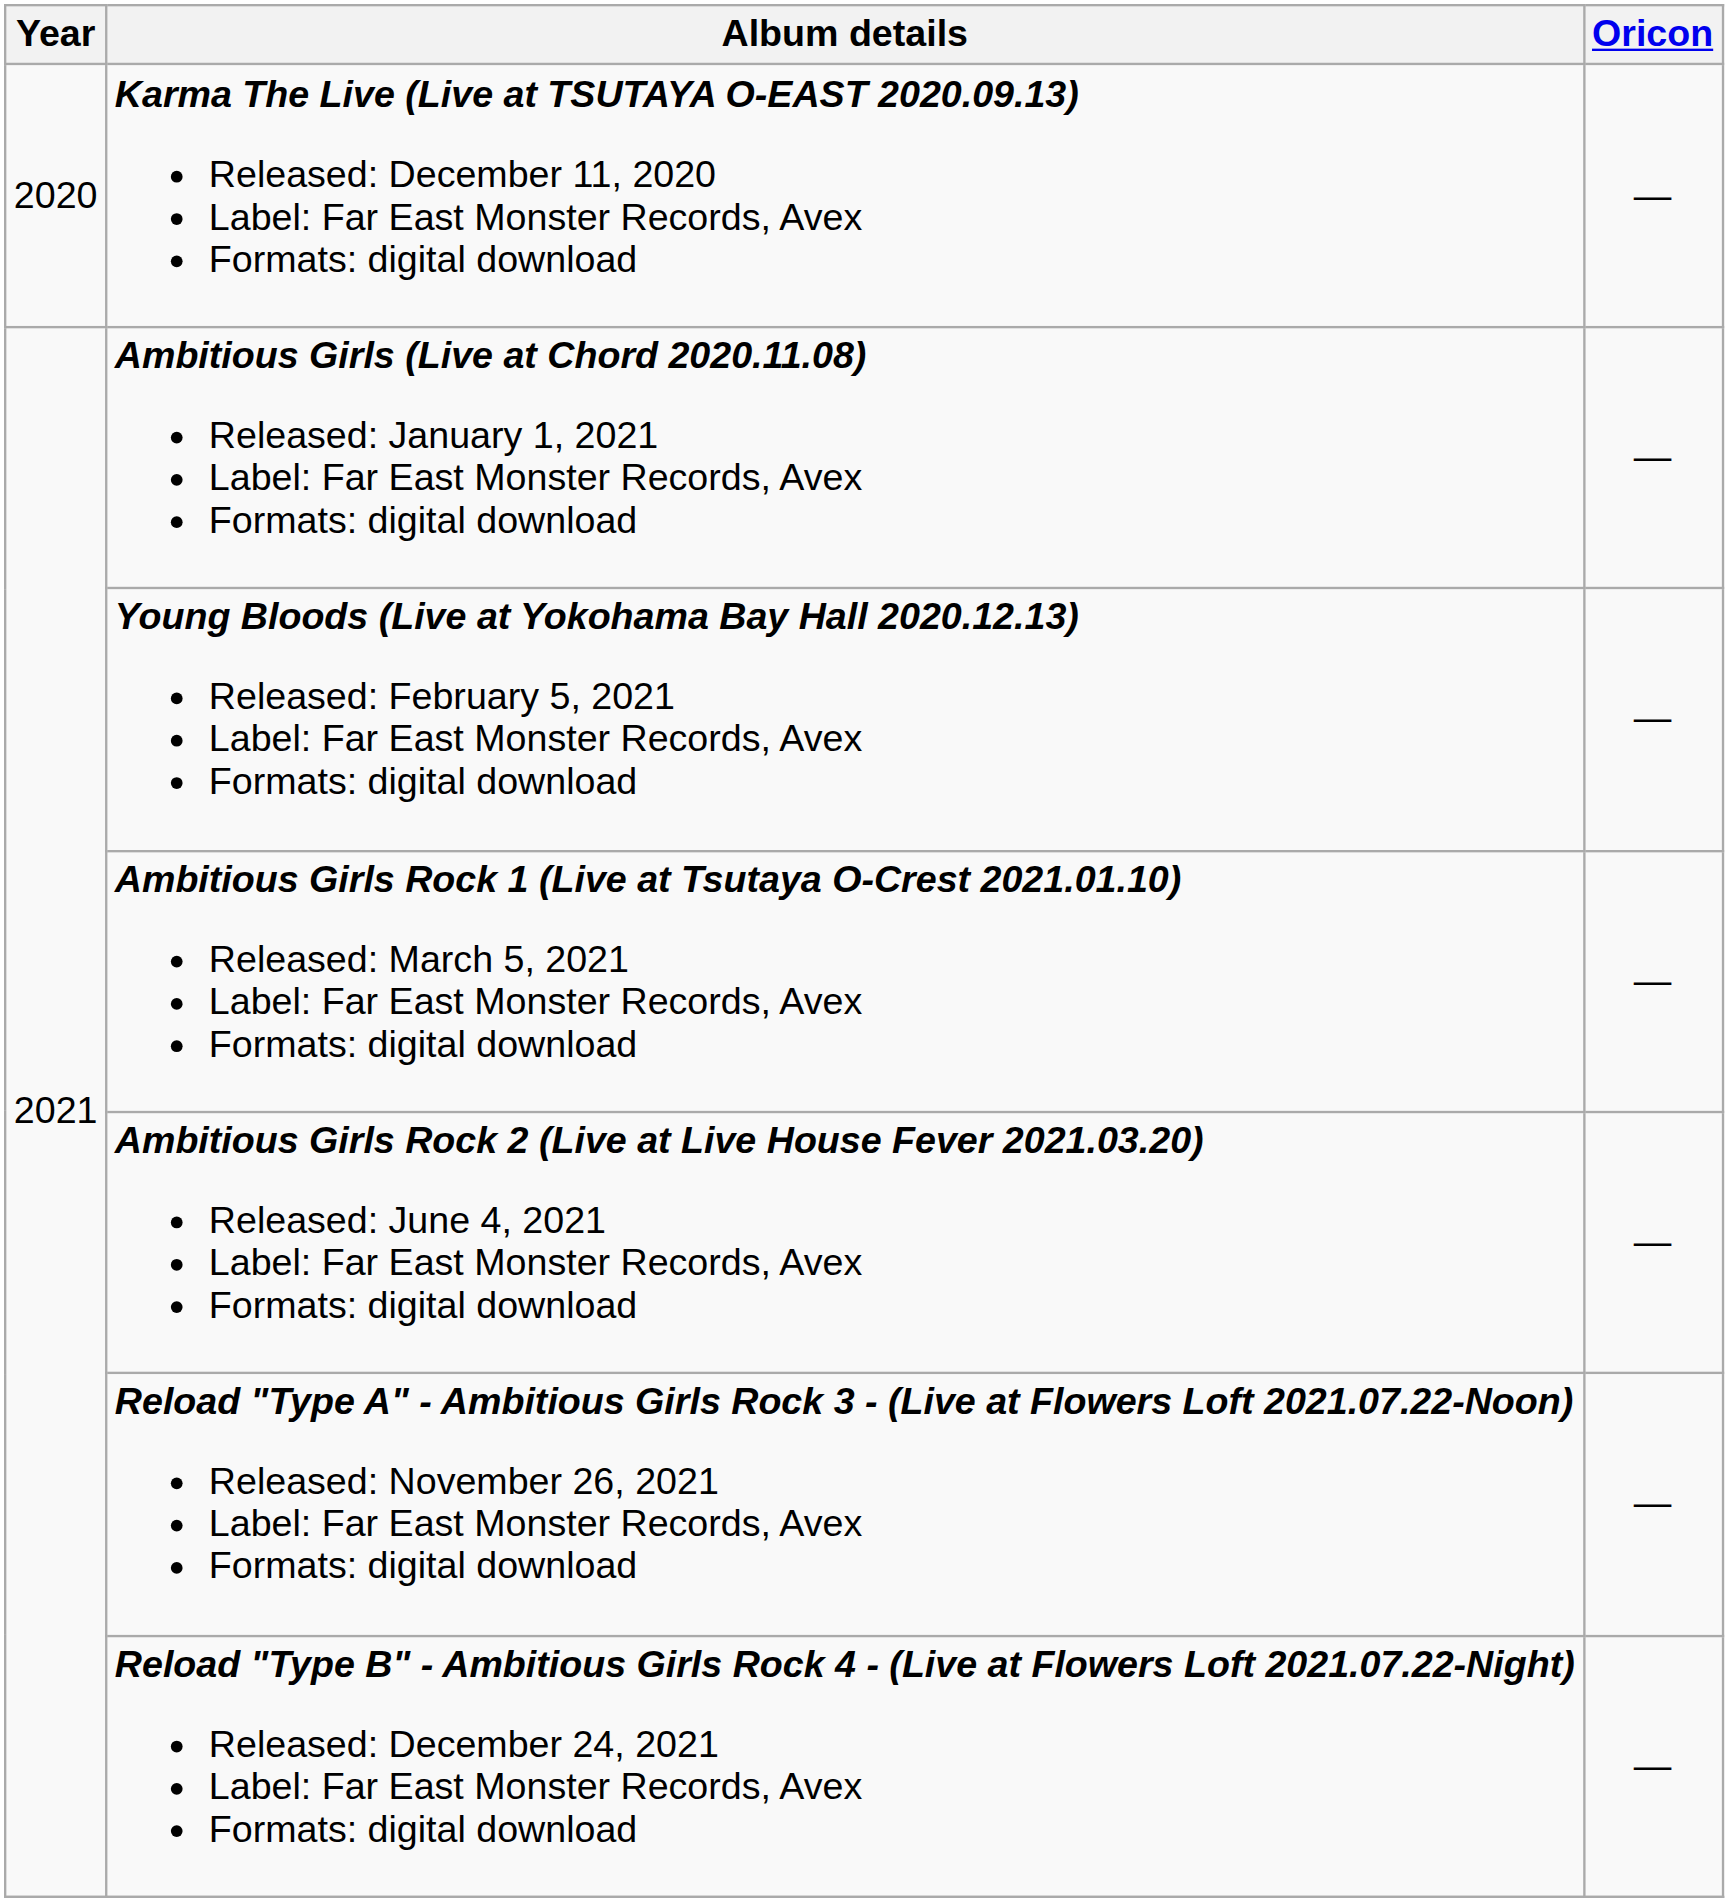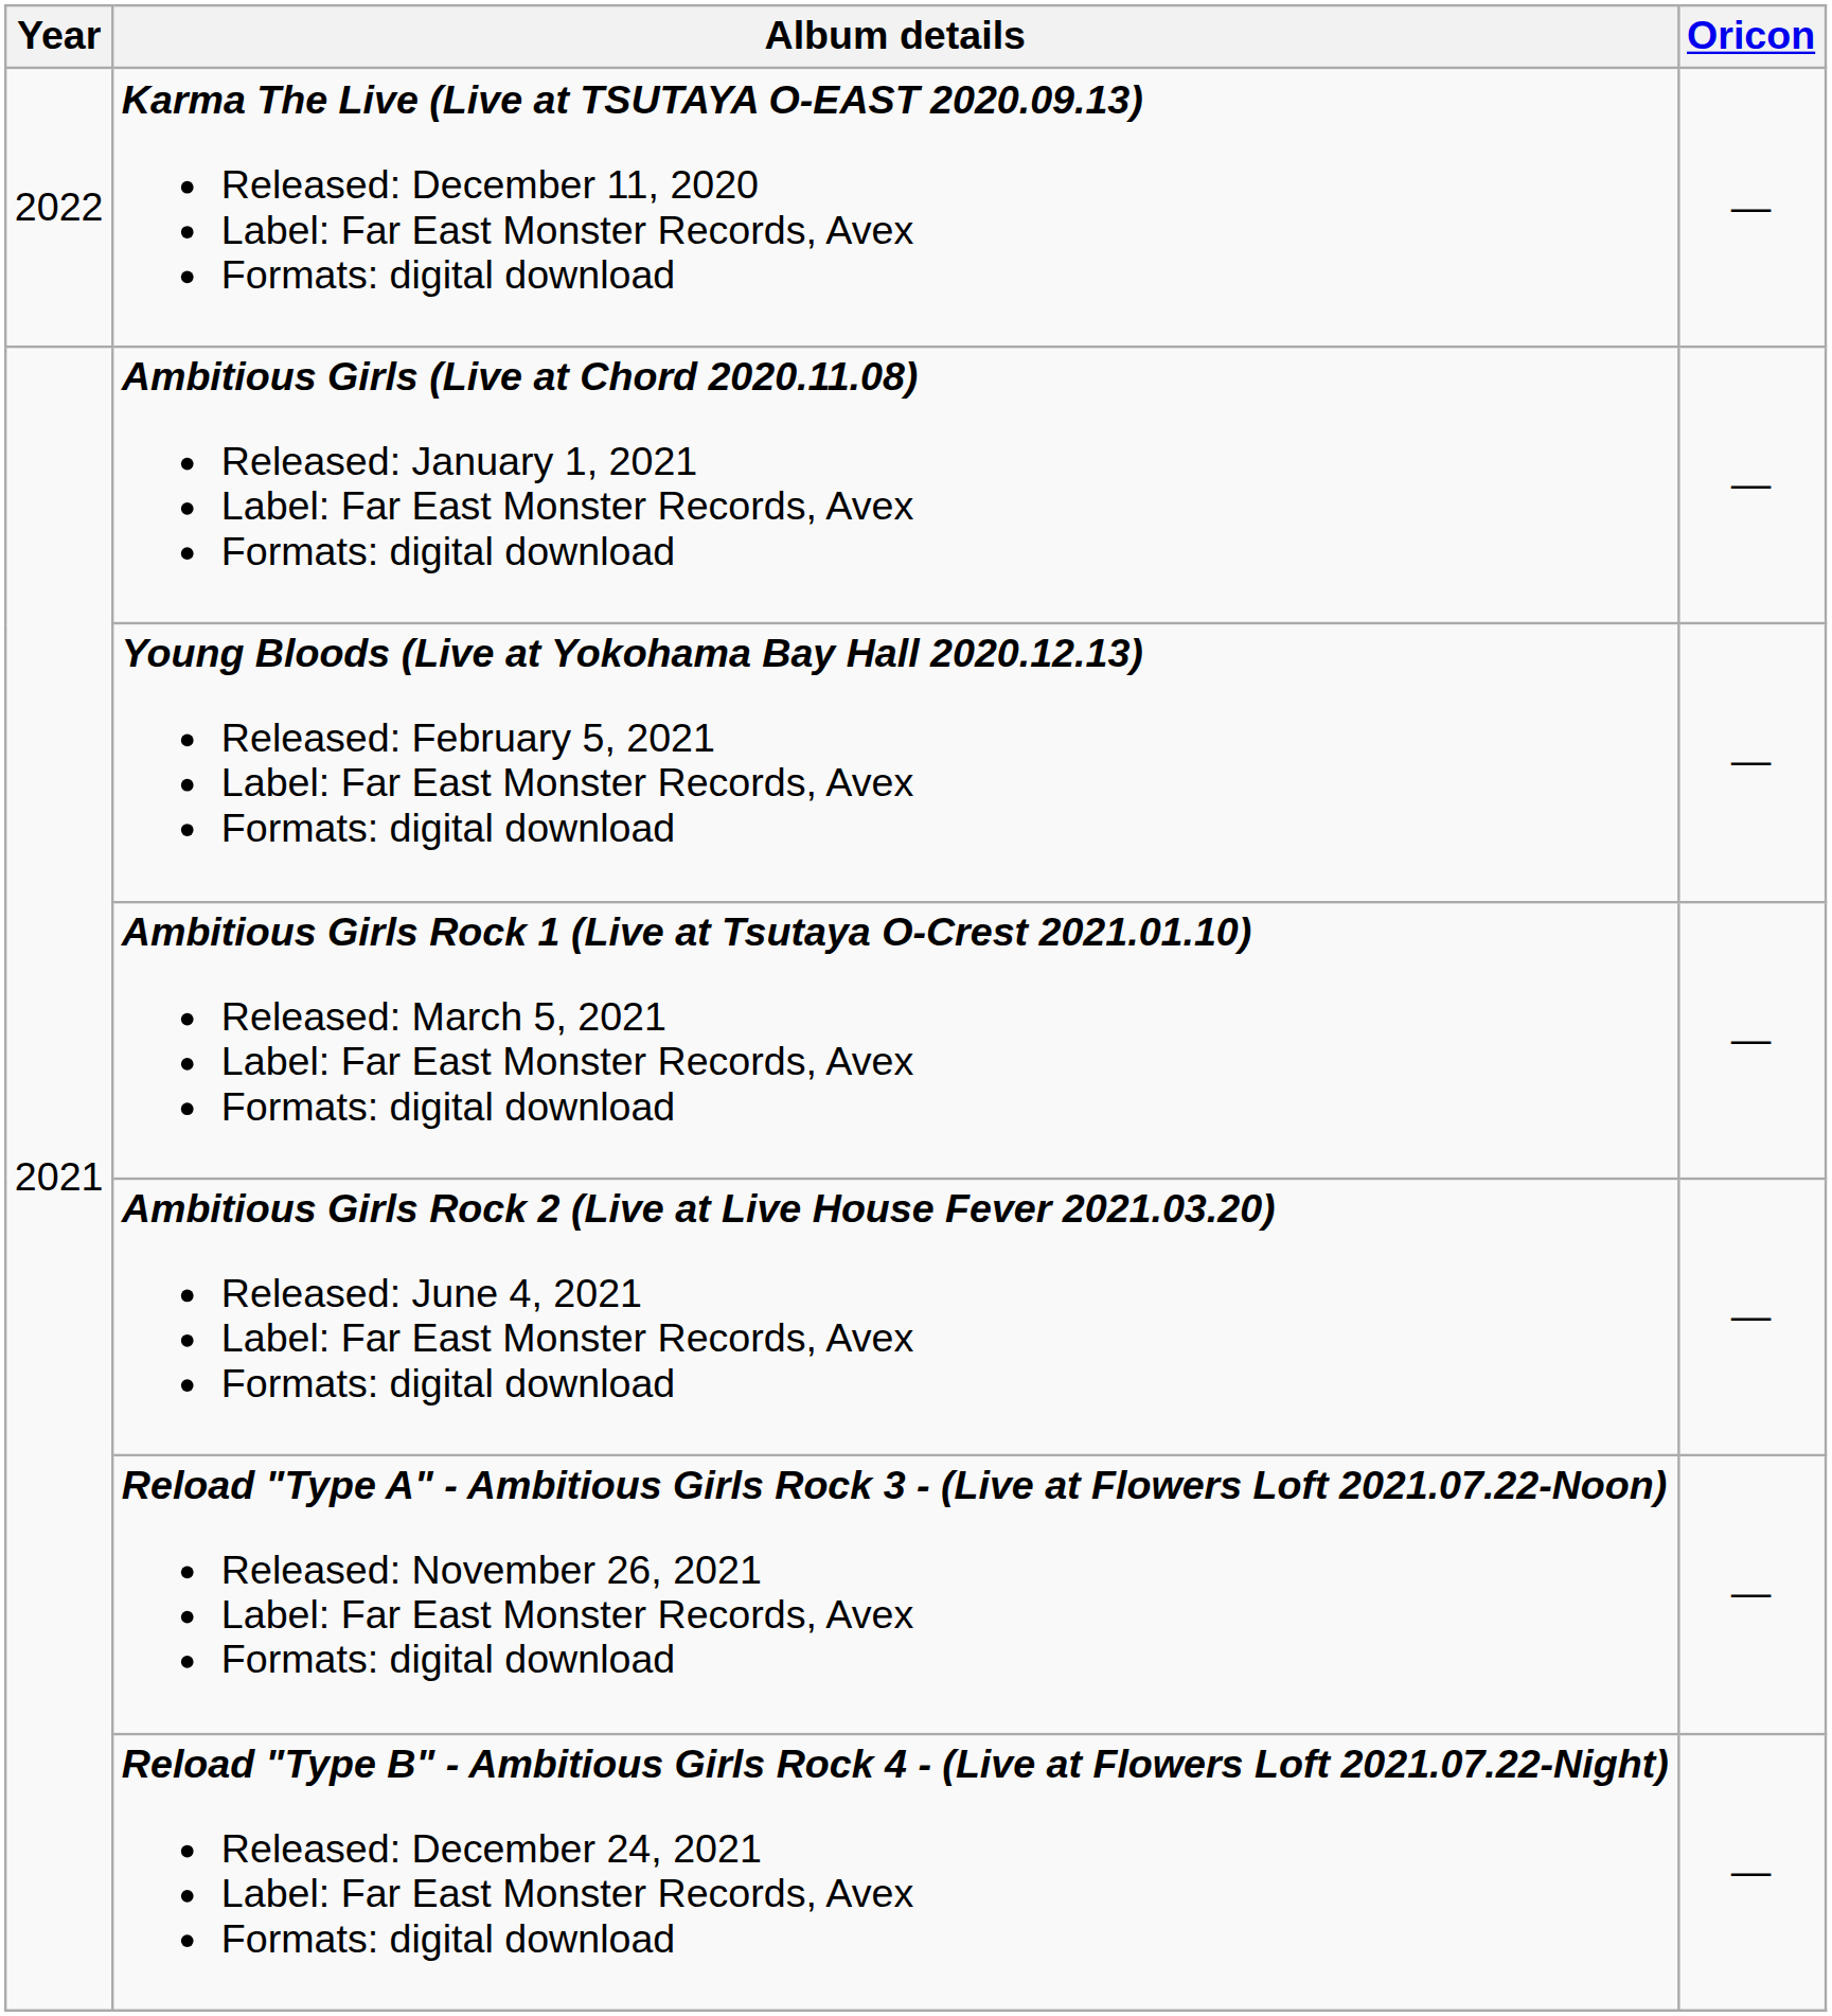 <table class="wikitable">
 <tr>
 <th>Year</th>
 <th>Album details</th>
 <th><a href='#'>Oricon</a></th>
 </tr>
 <tr>
-<td>2020</td>
+<td>2022</td>
 <td><strong><em>Karma The Live (Live at TSUTAYA O-EAST 2020.09.13)</em></strong><br><ul><li>Released: December 11, 2020</li><li>Label: Far East Monster Records, Avex</li><li>Formats: digital download</li></ul></td>
 <td align="center">—</td>
 </tr>
 <tr>
 <td rowspan="6">2021</td>
 <td><strong><em>Ambitious Girls (Live at Chord 2020.11.08)</em></strong><br><ul><li>Released: January 1, 2021</li><li>Label: Far East Monster Records, Avex</li><li>Formats: digital download</li></ul></td>
 <td align="center">—</td>
 </tr>
 <tr>
 <td><strong><em>Young Bloods (Live at Yokohama Bay Hall 2020.12.13)</em></strong><br><ul><li>Released: February 5, 2021</li><li>Label: Far East Monster Records, Avex</li><li>Formats: digital download</li></ul></td>
 <td align="center">—</td>
 </tr>
 <tr>
 <td><strong><em> Ambitious Girls Rock 1 (Live at Tsutaya O-Crest 2021.01.10) </em></strong><br><ul><li>Released: March 5, 2021</li><li>Label: Far East Monster Records, Avex</li><li>Formats: digital download</li></ul></td>
 <td align="center">—</td>
 </tr>
 <tr>
 <td><strong><em> Ambitious Girls Rock 2 (Live at Live House Fever 2021.03.20) </em></strong><br><ul><li>Released: June 4, 2021</li><li>Label: Far East Monster Records, Avex</li><li>Formats: digital download</li></ul></td>
 <td align="center">—</td>
 </tr>
 <tr>
 <td><strong><em> Reload "Type A" - Ambitious Girls Rock 3 - (Live at Flowers Loft 2021.07.22-Noon) </em></strong><br><ul><li>Released: November 26, 2021</li><li>Label: Far East Monster Records, Avex</li><li>Formats: digital download</li></ul></td>
 <td align="center">—</td>
 </tr>
 <tr>
 <td><strong><em> Reload "Type B" - Ambitious Girls Rock 4 - (Live at Flowers Loft 2021.07.22-Night) </em></strong><br><ul><li>Released: December 24, 2021</li><li>Label: Far East Monster Records, Avex</li><li>Formats: digital download</li></ul></td>
 <td align="center">—</td>
 </tr>
 <tr>
 </tr>
 </table>
